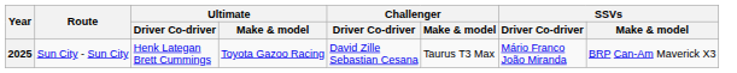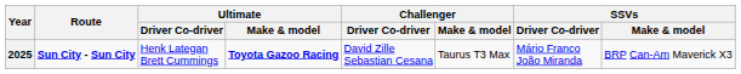 <table class="wikitable" style="font-size:85%;">
 <tr>
 <th rowspan=2>Year</th>
 <th rowspan=2>Route</th>
 <th colspan=2>Ultimate</th>
 <th colspan=2>Challenger</th>
 <th colspan=2>SSVs</th>
 </tr>
 <tr>
 <th>Driver Co-driver</th>
 <th>Make & model</th>
 <th>Driver Co-driver</th>
 <th>Make & model</th>
 <th>Driver Co-driver</th>
 <th>Make & model</th>
 </tr>
 <tr>
 <th>2025</th>
-<td><a href='#'>Sun City</a> - <a href='#'>Sun City</a></td>
+<td><strong><a href='#'>Sun City</a> - <a href='#'>Sun City</a></strong></td>
 <td> <a href='#'>Henk Lategan</a> <br>  <a href='#'>Brett Cummings</a></td>
-<td><a href='#'>Toyota Gazoo Racing</a></td>
+<td><strong><a href='#'>Toyota Gazoo Racing</a></strong></td>
 <td> <a href='#'>David Zille</a> <br>  <a href='#'>Sebastian Cesana</a></td>
 <td>Taurus T3 Max</td>
 <td> <a href='#'>Mário Franco</a> <br>  <a href='#'>João Miranda</a></td>
 <td><a href='#'>BRP</a> <a href='#'>Can-Am</a> Maverick X3</td>
 </tr>
 </table>
